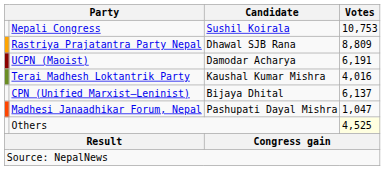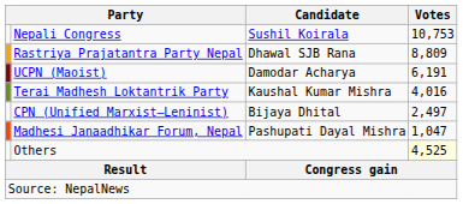 <table class="wikitable">
 <tr>
 <th colspan="2">Party</th>
 <th>Candidate</th>
 <th>Votes</th>
 </tr>
 <tr>
 <td style="background-color:"></td>
 <td><a href='#'>Nepali Congress</a></td>
 <td><a href='#'>Sushil Koirala</a></td>
 <td>10,753</td>
 </tr>
 <tr>
 <td style="background-color:orange"></td>
 <td><a href='#'>Rastriya Prajatantra Party Nepal</a></td>
 <td>Dhawal SJB Rana</td>
 <td>8,809</td>
 </tr>
 <tr>
 <td style="background-color:darkred"></td>
 <td><a href='#'>UCPN (Maoist)</a></td>
 <td>Damodar Acharya</td>
 <td>6,191</td>
 </tr>
 <tr>
 <td style="background-color:olivedrab"></td>
 <td><a href='#'>Terai Madhesh Loktantrik Party</a></td>
 <td>Kaushal Kumar Mishra</td>
 <td>4,016</td>
 </tr>
 <tr>
 <td style="background-color:"></td>
 <td><a href='#'>CPN (Unified Marxist–Leninist)</a></td>
 <td>Bijaya Dhital</td>
-<td>6,137</td>
+<td>2,497</td>
 </tr>
 <tr>
 <td style="background-color:orangered"></td>
 <td><a href='#'>Madhesi Janaadhikar Forum, Nepal</a></td>
 <td>Pashupati Dayal Mishra</td>
 <td>1,047</td>
 </tr>
 <tr>
 <td></td>
 <td colspan="2">Others</td>
 <td style="background: lightyellow;">4,525</td>
 </tr>
 <tr>
 <th colspan="2">Result</th>
 <th colspan="2">Congress gain</th>
 </tr>
 <tr>
 <td colspan="4">Source: NepalNews</td>
 </tr>
 </table>
